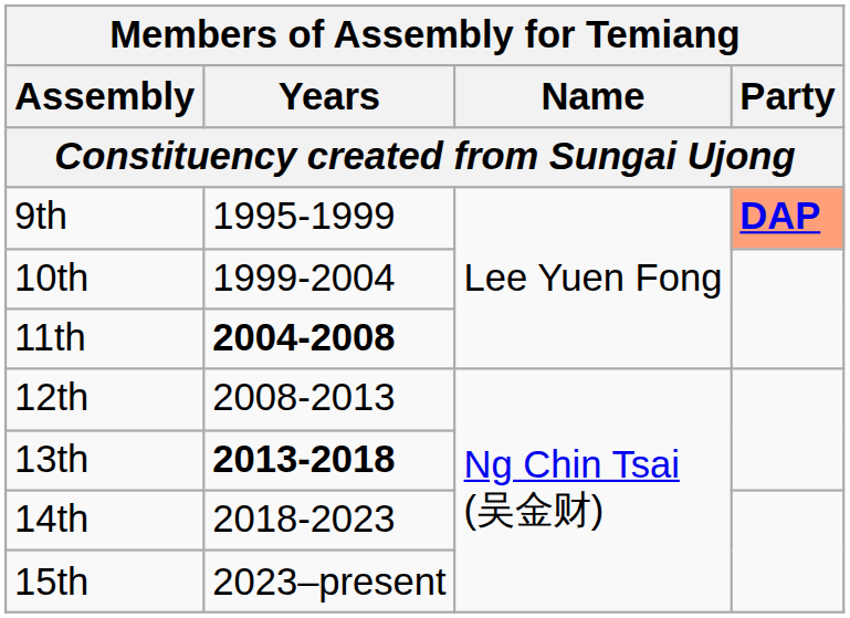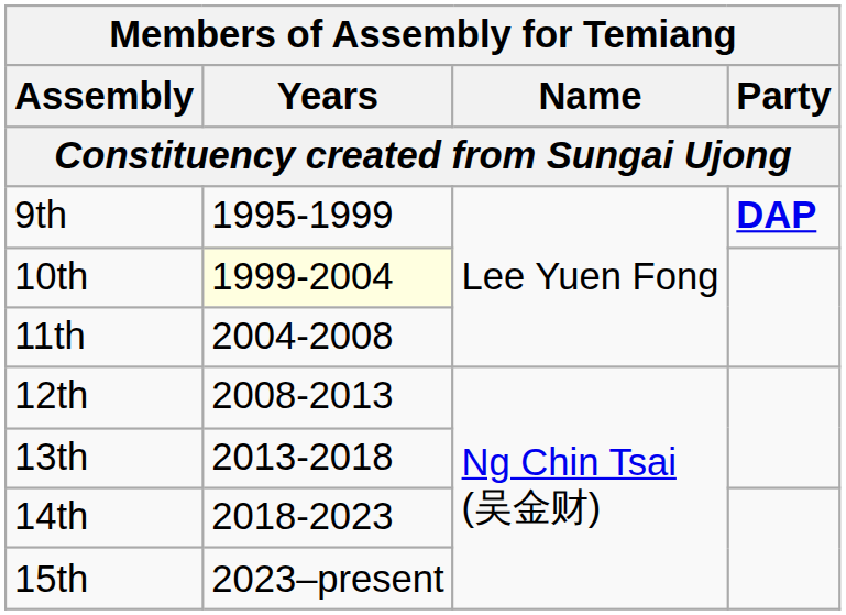 <table class="wikitable">
 <tr>
 <th colspan="4">Members of Assembly for Temiang</th>
 </tr>
 <tr>
 <th>Assembly</th>
 <th>Years</th>
 <th>Name</th>
 <th>Party</th>
 </tr>
 <tr>
 <th colspan="4"><em>Constituency created from Sungai Ujong</em></th>
 </tr>
 <tr>
 <td>9th</td>
 <td>1995-1999</td>
 <td rowspan="3">Lee Yuen Fong</td>
-<td style="background: lightsalmon;"><strong><a href='#'>DAP</a></strong></td>
+<td><strong><a href='#'>DAP</a></strong></td>
 </tr>
 <tr>
 <td>10th</td>
-<td>1999-2004</td>
+<td style="background: lightyellow;">1999-2004</td>
 <td rowspan="2"></td>
 </tr>
 <tr>
 <td>11th</td>
-<td><strong>2004-2008</strong></td>
+<td>2004-2008</td>
 </tr>
 <tr>
 <td>12th</td>
 <td>2008-2013</td>
 <td rowspan="4"><a href='#'>Ng Chin Tsai</a> <br> (吴金财)</td>
 <td rowspan="2"></td>
 </tr>
 <tr>
 <td>13th</td>
-<td><strong>2013-2018</strong></td>
+<td>2013-2018</td>
 </tr>
 <tr>
 <td>14th</td>
 <td>2018-2023</td>
 <td rowspan="2"></td>
 </tr>
 <tr>
 <td>15th</td>
 <td>2023–present</td>
 </tr>
 </table>
